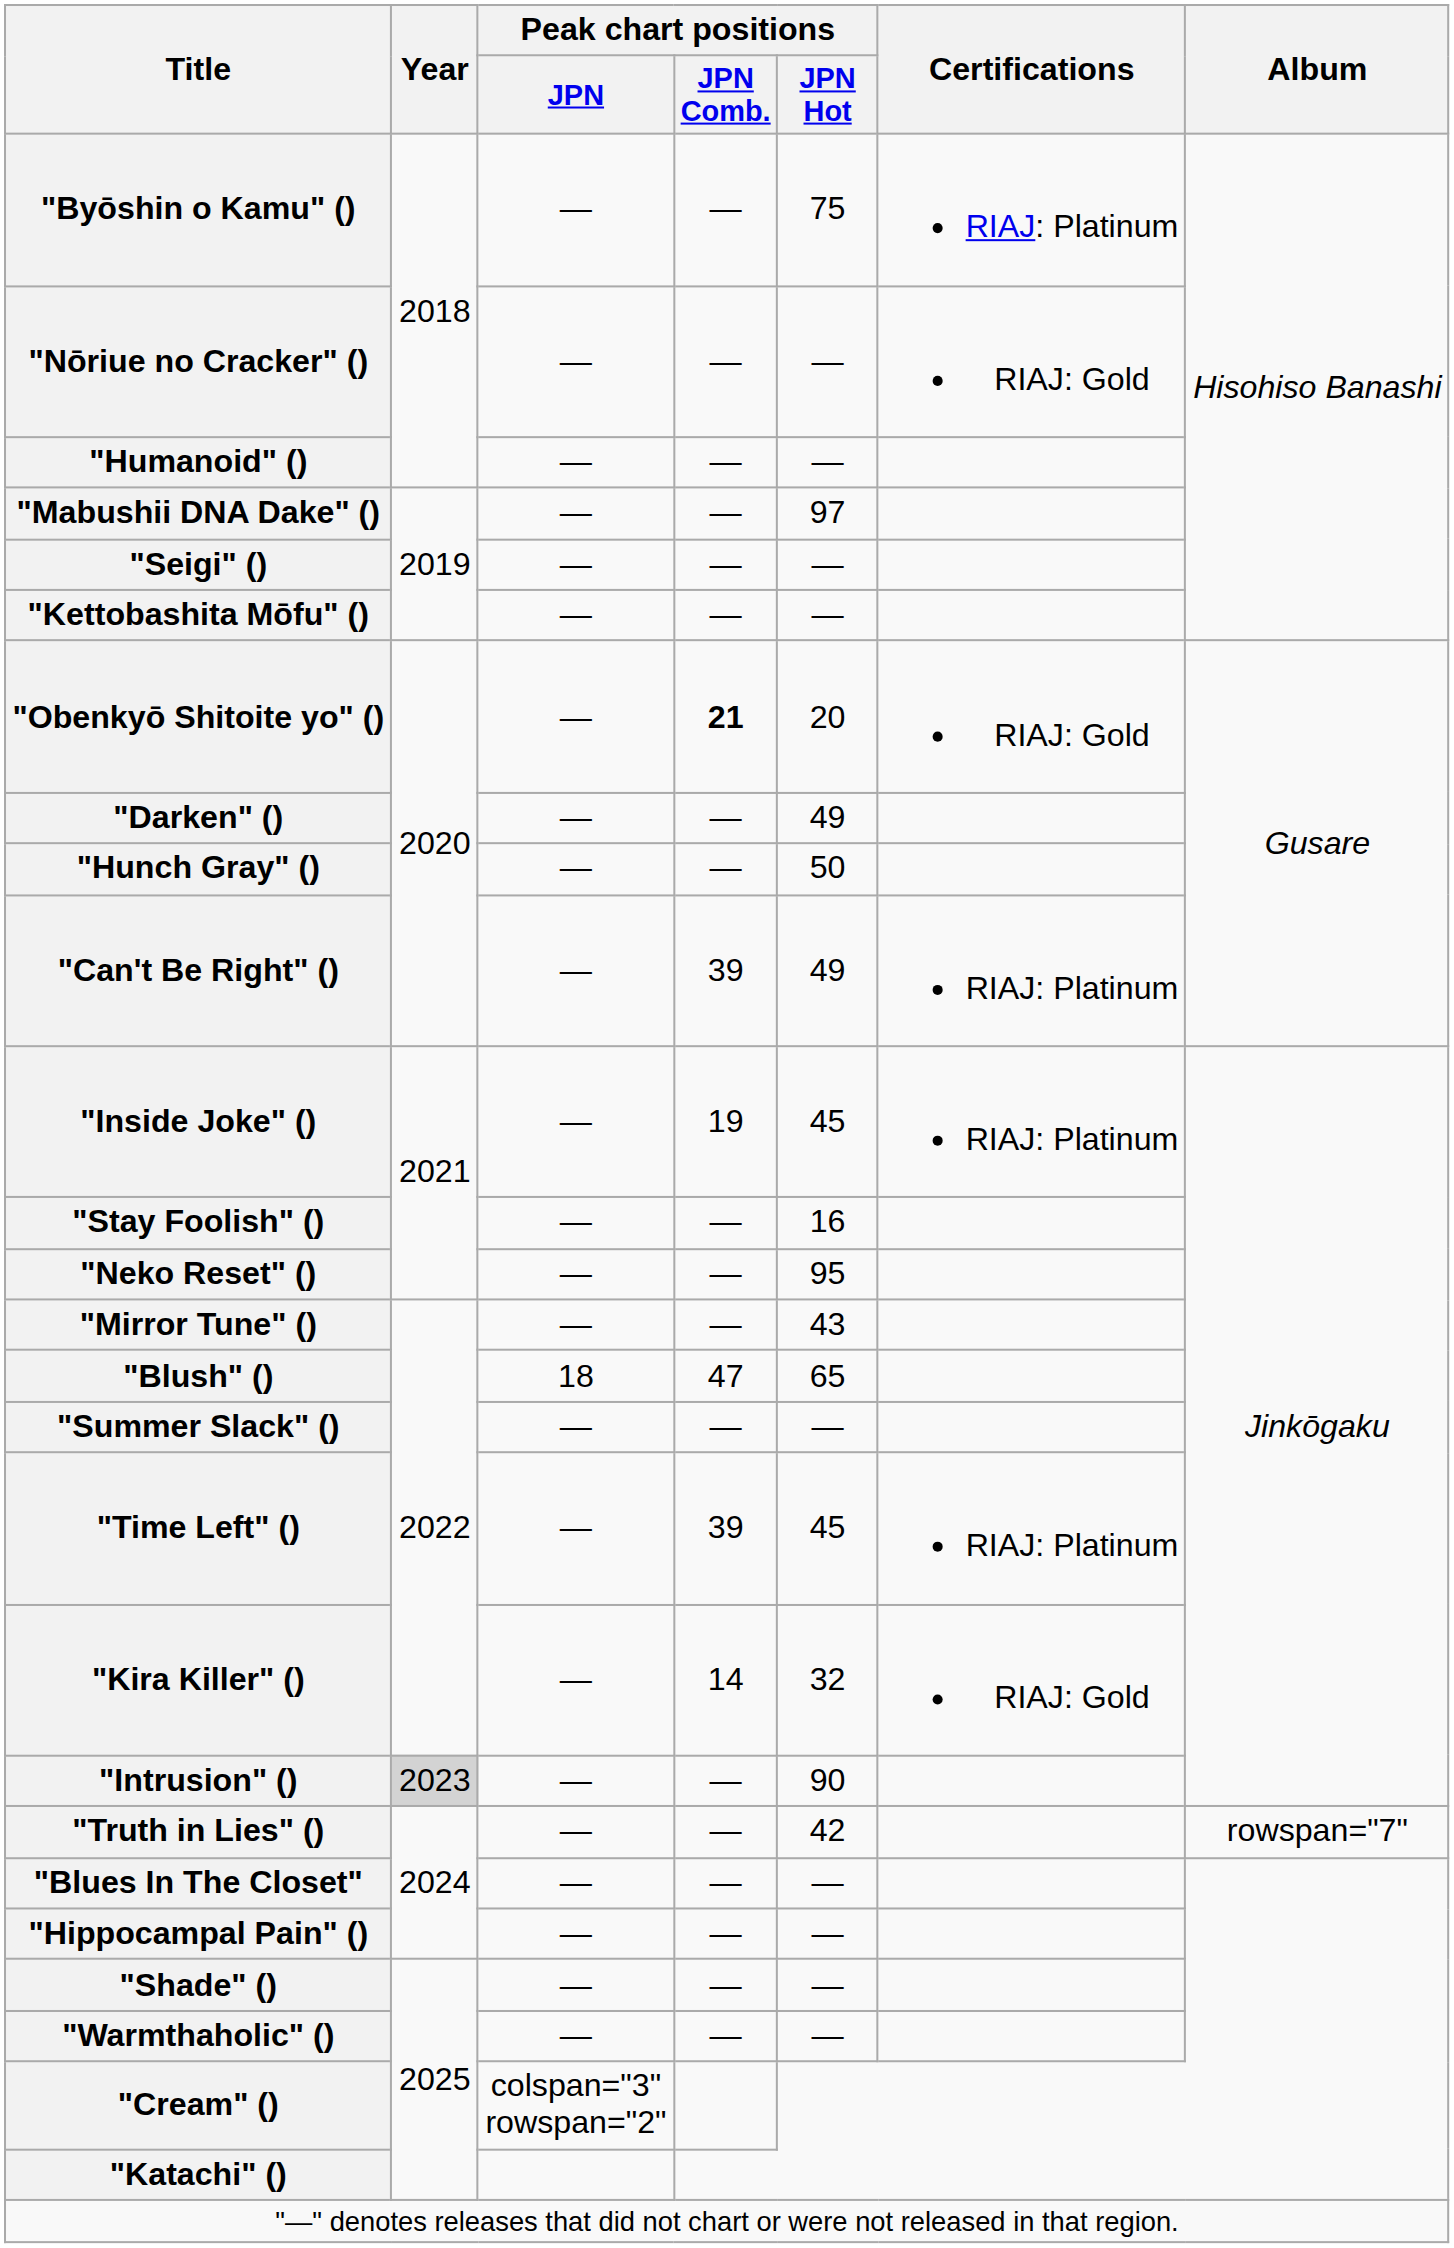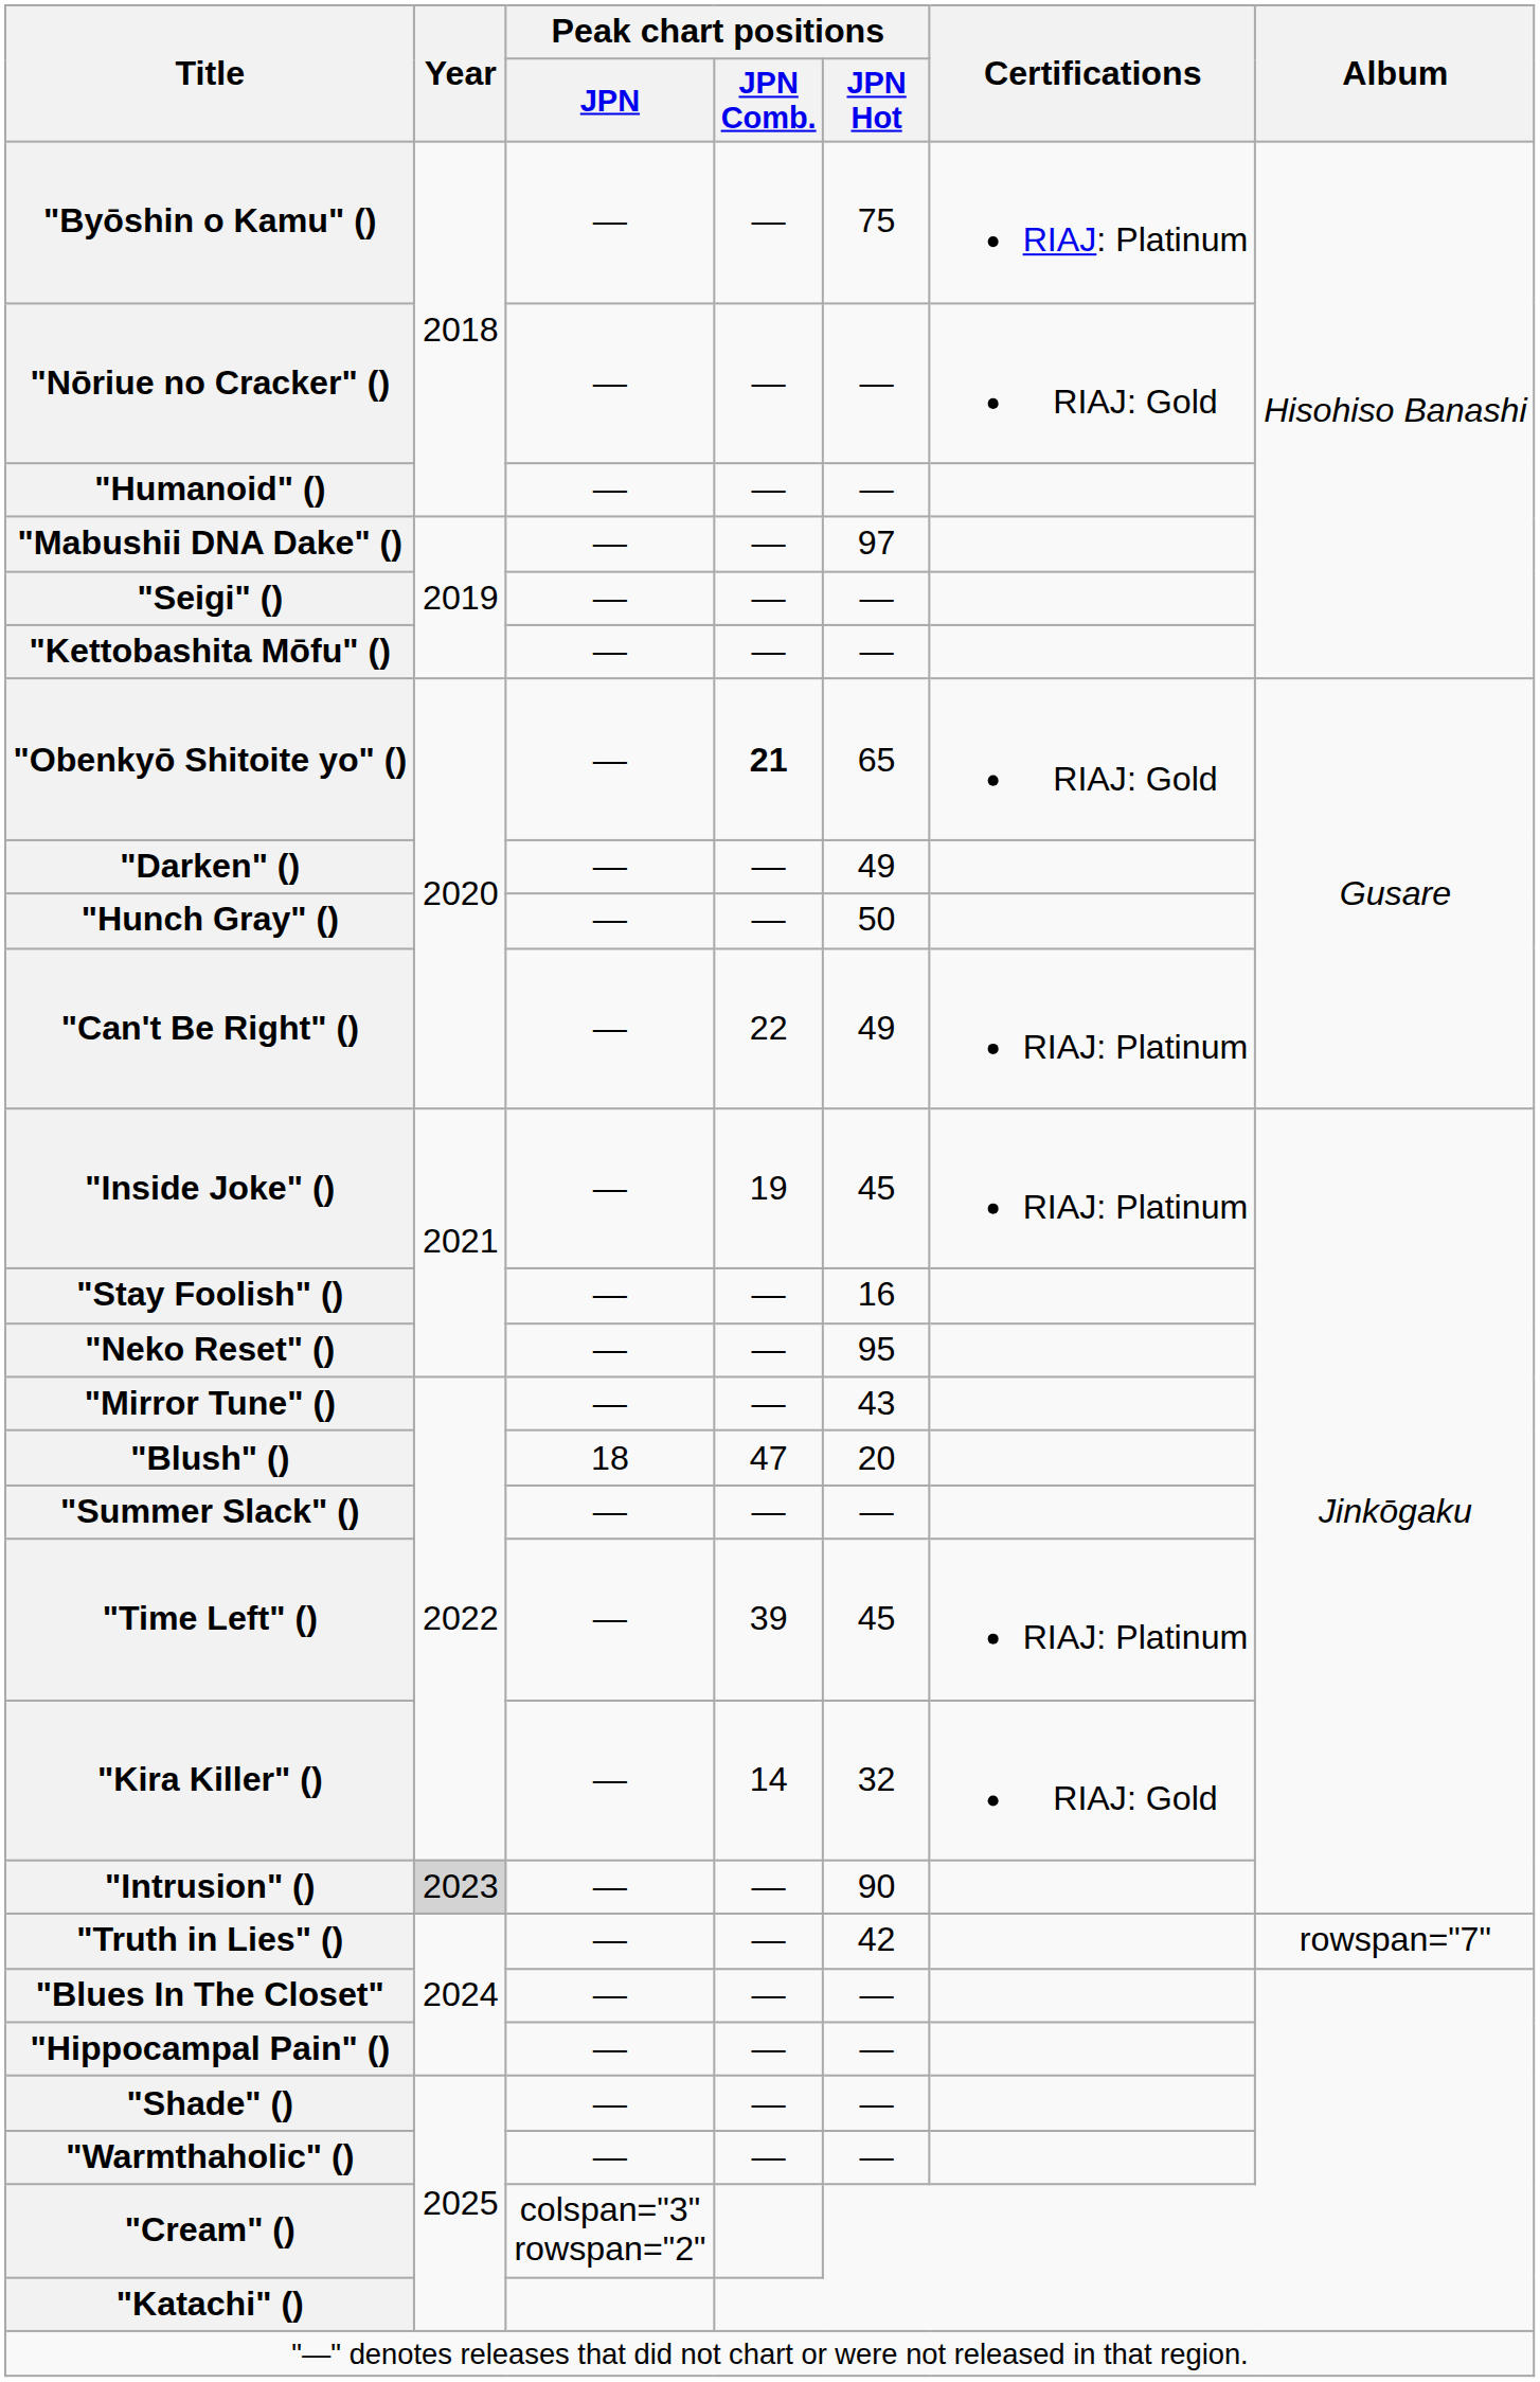 <table class="wikitable plainrowheaders" style="text-align:center;">
 <tr>
 <th scope="col" rowspan="2">Title</th>
 <th scope="col" rowspan="2">Year</th>
 <th scope="col" colspan="3">Peak chart positions</th>
 <th scope="col" rowspan="2">Certifications</th>
 <th scope="col" rowspan="2">Album</th>
 </tr>
 <tr>
 <th scope="col" style="width:3em;font-size:90%"><a href='#'>JPN</a><br></th>
 <th scope="col" style="width:3em;font-size:90%"><a href='#'>JPN<br>Comb.</a><br></th>
 <th scope="col" style="width:3em;font-size:90%"><a href='#'>JPN<br>Hot</a><br></th>
 </tr>
 <tr>
 <th scope="row">"Byōshin o Kamu" ()</th>
 <td rowspan="3">2018</td>
 <td>—</td>
 <td>—</td>
 <td>75</td>
 <td><br><ul><li><a href='#'>RIAJ</a>: Platinum </li></ul></td>
 <td rowspan="6"><em>Hisohiso Banashi</em></td>
 </tr>
 <tr>
 <th scope="row">"Nōriue no Cracker" ()</th>
 <td>—</td>
 <td>—</td>
 <td>—</td>
 <td><br><ul><li>RIAJ: Gold </li></ul></td>
 </tr>
 <tr>
 <th scope="row">"Humanoid" ()</th>
 <td>—</td>
 <td>—</td>
 <td>—</td>
 <td></td>
 </tr>
 <tr>
 <th scope="row">"Mabushii DNA Dake" ()</th>
 <td rowspan="3">2019</td>
 <td>—</td>
 <td>—</td>
 <td>97</td>
 <td></td>
 </tr>
 <tr>
 <th scope="row">"Seigi" ()</th>
 <td>—</td>
 <td>—</td>
 <td>—</td>
 <td></td>
 </tr>
 <tr>
 <th scope="row">"Kettobashita Mōfu" ()</th>
 <td>—</td>
 <td>—</td>
 <td>—</td>
 <td></td>
 </tr>
 <tr>
 <th scope="row">"Obenkyō Shitoite yo" ()</th>
 <td rowspan="4">2020</td>
 <td>—</td>
 <td><strong>21</strong></td>
-<td>20</td>
+<td>65</td>
 <td><br><ul><li>RIAJ: Gold </li></ul></td>
 <td rowspan="4"><em>Gusare</em></td>
 </tr>
 <tr>
 <th scope="row">"Darken" ()</th>
 <td>—</td>
 <td>—</td>
 <td>49</td>
 <td></td>
 </tr>
 <tr>
 <th scope="row">"Hunch Gray" ()</th>
 <td>—</td>
 <td>—</td>
 <td>50</td>
 <td></td>
 </tr>
 <tr>
 <th scope="row">"Can't Be Right" ()</th>
 <td>—</td>
-<td>39</td>
+<td>22</td>
 <td>49</td>
 <td><br><ul><li>RIAJ: Platinum </li></ul></td>
 </tr>
 <tr>
 <th scope="row">"Inside Joke" ()</th>
 <td rowspan="3">2021</td>
 <td>—</td>
 <td>19</td>
 <td>45</td>
 <td><br><ul><li>RIAJ: Platinum </li></ul></td>
 <td rowspan="9"><em>Jinkōgaku</em></td>
 </tr>
 <tr>
 <th scope="row">"Stay Foolish" ()</th>
 <td>—</td>
 <td>—</td>
 <td>16</td>
 <td></td>
 </tr>
 <tr>
 <th scope="row">"Neko Reset" ()</th>
 <td>—</td>
 <td>—</td>
 <td>95</td>
 <td></td>
 </tr>
 <tr>
 <th scope="row">"Mirror Tune" ()</th>
 <td rowspan="5">2022</td>
 <td>—</td>
 <td>—</td>
 <td>43</td>
 <td></td>
 </tr>
 <tr>
 <th scope="row">"Blush" ()</th>
 <td>18</td>
 <td>47</td>
-<td>65</td>
+<td>20</td>
 <td></td>
 </tr>
 <tr>
 <th scope="row">"Summer Slack" ()</th>
 <td>—</td>
 <td>—</td>
 <td>—</td>
 <td></td>
 </tr>
 <tr>
 <th scope="row">"Time Left" ()</th>
 <td>—</td>
 <td>39</td>
 <td>45</td>
 <td><br><ul><li>RIAJ: Platinum </li></ul></td>
 </tr>
 <tr>
 <th scope="row">"Kira Killer" () <br></th>
 <td>—</td>
 <td>14</td>
 <td>32</td>
 <td><br><ul><li>RIAJ: Gold </li></ul></td>
 </tr>
 <tr>
 <th scope="row">"Intrusion" ()</th>
 <td style="background: lightgrey;">2023</td>
 <td>—</td>
 <td>—</td>
 <td>90</td>
 <td></td>
 </tr>
 <tr>
 <th scope="row">"Truth in Lies" ()</th>
 <td rowspan="3">2024</td>
 <td>—</td>
 <td>—</td>
 <td>42</td>
 <td></td>
 <td>rowspan="7" </td>
 </tr>
 <tr>
 <th scope="row">"Blues In The Closet"</th>
 <td>—</td>
 <td>—</td>
 <td>—</td>
 <td></td>
 </tr>
 <tr>
 <th scope="row">"Hippocampal Pain" ()</th>
 <td>—</td>
 <td>—</td>
 <td>—</td>
 <td></td>
 </tr>
 <tr>
 <th scope="row">"Shade" ()</th>
 <td rowspan="4">2025</td>
 <td>—</td>
 <td>—</td>
 <td>—</td>
 <td></td>
 </tr>
 <tr>
 <th scope="row">"Warmthaholic" ()</th>
 <td>—</td>
 <td>—</td>
 <td>—</td>
 <td></td>
 </tr>
 <tr>
 <th scope="row">"Cream" ()</th>
 <td>colspan="3" rowspan="2" </td>
 <td></td>
 </tr>
 <tr>
 <th scope="row">"Katachi" ()</th>
 <td></td>
 </tr>
 <tr>
 <td colspan="7" style="font-size:85%">"—" denotes releases that did not chart or were not released in that region.</td>
 </tr>
 </table>
